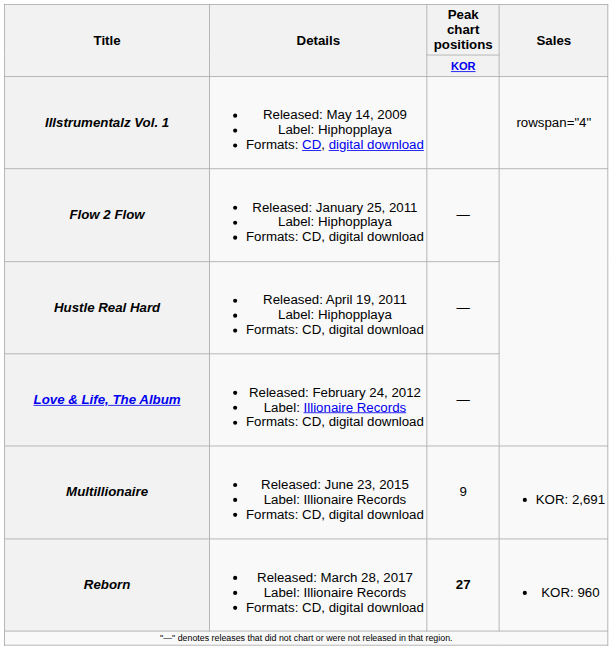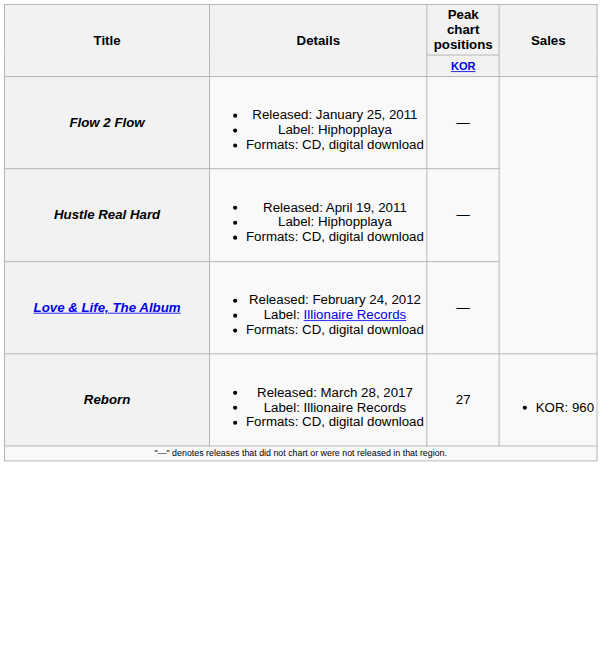 <table class="wikitable plainrowheaders" style="text-align:center;">
 <tr>
 <th scope="col" rowspan="2" style="width:15em;">Title</th>
 <th scope="col" rowspan="2">Details</th>
 <th colspan="1" scope="col" style="width:5em;">Peak chart positions</th>
 <th scope="col" rowspan="2">Sales</th>
 </tr>
 <tr>
 <th><small><a href='#'>KOR</a></small><br></th>
-</tr>
-<tr>
-<th scope="row"><em>Illstrumentalz Vol. 1</em></th>
-<td><br><ul><li>Released: May 14, 2009</li><li>Label: Hiphopplaya</li><li>Formats: <a href='#'>CD</a>, <a href='#'>digital download</a></li></ul></td>
-<td></td>
-<td>rowspan="4" </td>
 </tr>
 <tr>
 <th scope="row"><em>Flow 2 Flow</em><br></th>
 <td><br><ul><li>Released: January 25, 2011</li><li>Label: Hiphopplaya</li><li>Formats: CD, digital download</li></ul></td>
 <td>—</td>
 </tr>
 <tr>
 <th scope="row"><em>Hustle Real Hard</em></th>
 <td><br><ul><li>Released: April 19, 2011</li><li>Label: Hiphopplaya</li><li>Formats: CD, digital download</li></ul></td>
 <td>—</td>
 </tr>
 <tr>
 <th scope="row"><em><a href='#'>Love & Life, The Album</a></em></th>
 <td><br><ul><li>Released: February 24, 2012</li><li>Label: <a href='#'>Illionaire Records</a></li><li>Formats: CD, digital download</li></ul></td>
 <td>—</td>
 </tr>
 <tr>
-<th scope="row"><em>Multillionaire</em></th>
-<td><br><ul><li>Released: June 23, 2015</li><li>Label: Illionaire Records</li><li>Formats: CD, digital download</li></ul></td>
-<td>9</td>
-<td><br><ul><li>KOR: 2,691</li></ul></td>
-</tr>
-<tr>
 <th scope="row"><em>Reborn</em></th>
 <td><br><ul><li>Released: March 28, 2017</li><li>Label: Illionaire Records</li><li>Formats: CD, digital download</li></ul></td>
-<td><strong>27</strong></td>
+<td>27</td>
 <td><br><ul><li>KOR: 960</li></ul></td>
 </tr>
 <tr>
 <td colspan="4" style="font-size:8pt;">"—" denotes releases that did not chart or were not released in that region.</td>
 </tr>
 </table>
